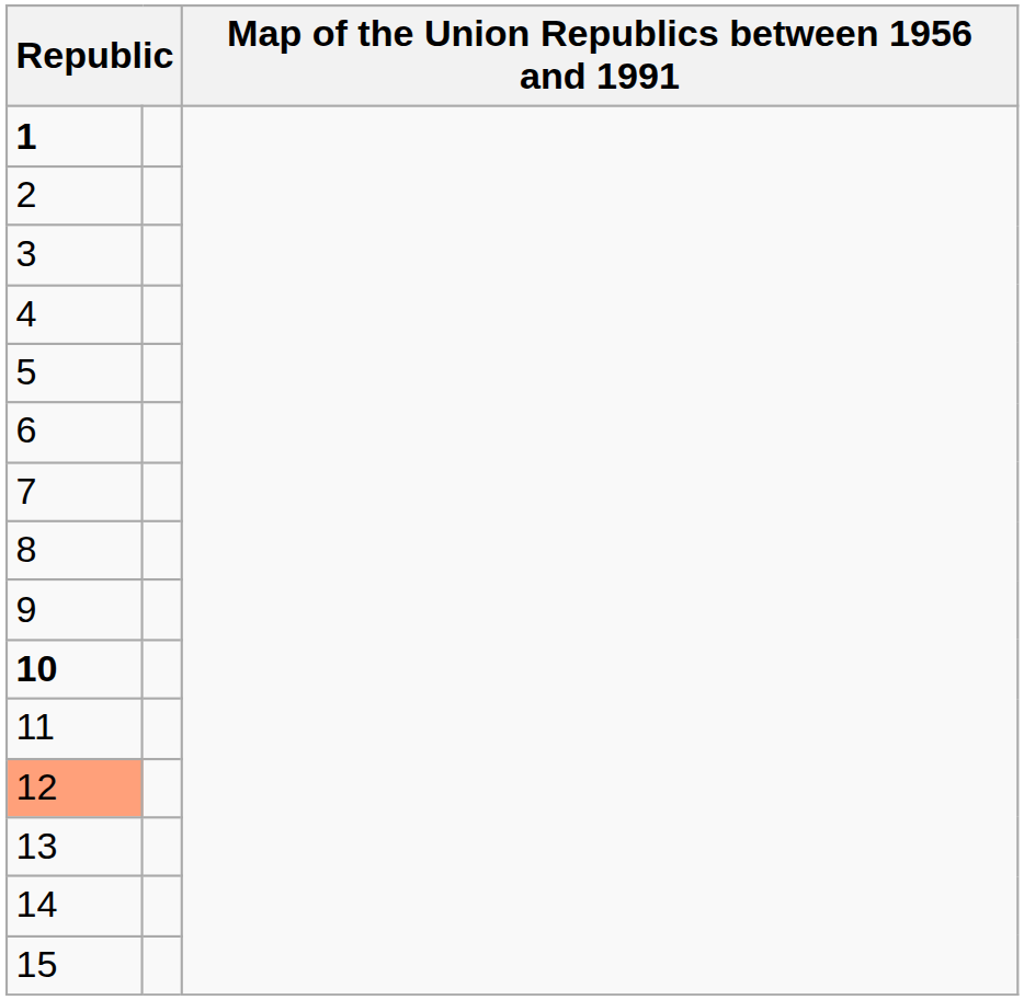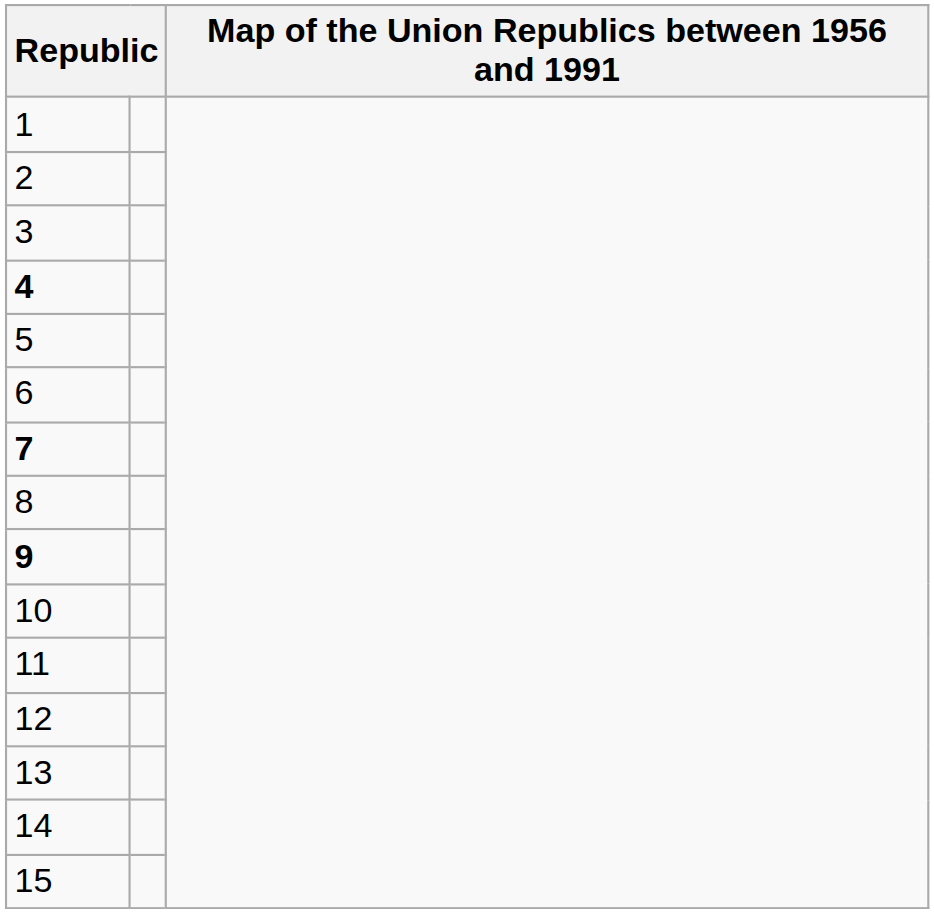 <table class="wikitable" style="margin: 1em auto 1em auto;">
 <tr>
 <th colspan="2">Republic</th>
 <th>Map of the Union Republics between 1956 and 1991</th>
 </tr>
 <tr>
-<td><strong>1</strong></td>
+<td>1</td>
 <td></td>
 <td rowspan="15" style="width:350px;"></td>
 </tr>
 <tr>
 <td>2</td>
 <td></td>
 </tr>
 <tr>
 <td>3</td>
 <td></td>
 </tr>
 <tr>
-<td>4</td>
+<td><strong>4</strong></td>
 <td></td>
 </tr>
 <tr>
 <td>5</td>
 <td></td>
 </tr>
 <tr>
 <td>6</td>
 <td></td>
 </tr>
 <tr>
-<td>7</td>
+<td><strong>7</strong></td>
 <td></td>
 </tr>
 <tr>
 <td>8</td>
 <td></td>
 </tr>
 <tr>
-<td>9</td>
+<td><strong>9</strong></td>
 <td></td>
 </tr>
 <tr>
-<td><strong>10</strong></td>
+<td>10</td>
 <td></td>
 </tr>
 <tr>
 <td>11</td>
 <td></td>
 </tr>
 <tr>
-<td style="background: lightsalmon;">12</td>
+<td>12</td>
 <td></td>
 </tr>
 <tr>
 <td>13</td>
 <td></td>
 </tr>
 <tr>
 <td>14</td>
 <td></td>
 </tr>
 <tr>
 <td>15</td>
 <td></td>
 </tr>
 </table>
